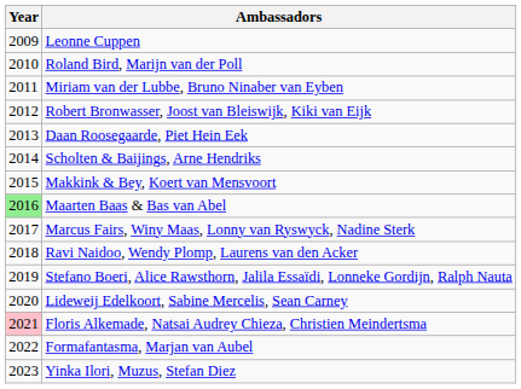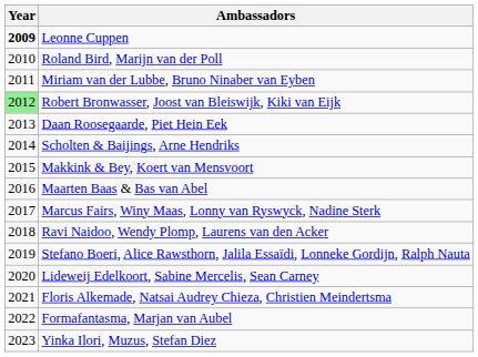 <table class="wikitable">
 <tr>
 <th>Year</th>
 <th>Ambassadors</th>
 </tr>
 <tr>
-<td>2009</td>
+<td><strong>2009</strong></td>
 <td><a href='#'>Leonne Cuppen</a></td>
 </tr>
 <tr>
 <td>2010</td>
 <td><a href='#'>Roland Bird</a>, <a href='#'>Marijn van der Poll</a></td>
 </tr>
 <tr>
 <td>2011</td>
 <td><a href='#'>Miriam van der Lubbe</a>, <a href='#'>Bruno Ninaber van Eyben</a></td>
 </tr>
 <tr>
-<td>2012</td>
+<td style="background: lightgreen;">2012</td>
 <td><a href='#'>Robert Bronwasser</a>, <a href='#'>Joost van Bleiswijk</a>, <a href='#'>Kiki van Eijk</a></td>
 </tr>
 <tr>
 <td>2013</td>
 <td><a href='#'>Daan Roosegaarde</a>, <a href='#'>Piet Hein Eek</a></td>
 </tr>
 <tr>
 <td>2014</td>
 <td><a href='#'>Scholten & Baijings</a>, <a href='#'>Arne Hendriks</a></td>
 </tr>
 <tr>
 <td>2015</td>
 <td><a href='#'>Makkink & Bey</a>, <a href='#'>Koert van Mensvoort</a></td>
 </tr>
 <tr>
-<td style="background: lightgreen;">2016</td>
+<td>2016</td>
 <td><a href='#'>Maarten Baas</a> & <a href='#'>Bas van Abel</a></td>
 </tr>
 <tr>
 <td>2017</td>
 <td><a href='#'>Marcus Fairs</a>, <a href='#'>Winy Maas</a>, <a href='#'>Lonny van Ryswyck</a>, <a href='#'>Nadine Sterk</a></td>
 </tr>
 <tr>
 <td>2018</td>
 <td><a href='#'>Ravi Naidoo</a>, <a href='#'>Wendy Plomp</a>, <a href='#'>Laurens van den Acker</a></td>
 </tr>
 <tr>
 <td>2019</td>
 <td><a href='#'>Stefano Boeri</a>, <a href='#'>Alice Rawsthorn</a>, <a href='#'>Jalila Essaïdi</a>, <a href='#'>Lonneke Gordijn</a>, <a href='#'>Ralph Nauta</a></td>
 </tr>
 <tr>
 <td>2020</td>
 <td><a href='#'>Lideweij Edelkoort</a>, <a href='#'>Sabine Mercelis</a>, <a href='#'>Sean Carney</a></td>
 </tr>
 <tr>
-<td style="background: pink;">2021</td>
+<td>2021</td>
 <td><a href='#'>Floris Alkemade</a>, <a href='#'>Natsai Audrey Chieza</a>, <a href='#'>Christien Meindertsma</a></td>
 </tr>
 <tr>
 <td>2022</td>
 <td><a href='#'>Formafantasma</a>, <a href='#'>Marjan van Aubel</a></td>
 </tr>
 <tr>
 <td>2023</td>
 <td><a href='#'>Yinka Ilori</a>, <a href='#'>Muzus</a>, <a href='#'>Stefan Diez</a></td>
 </tr>
 </table>
